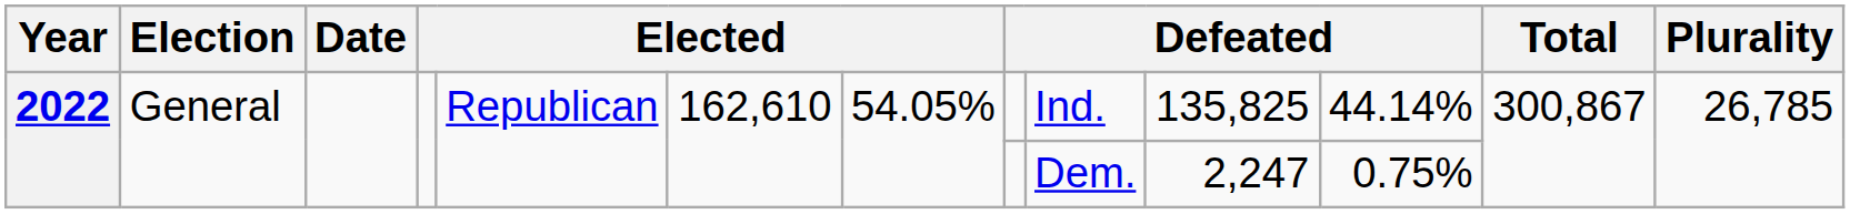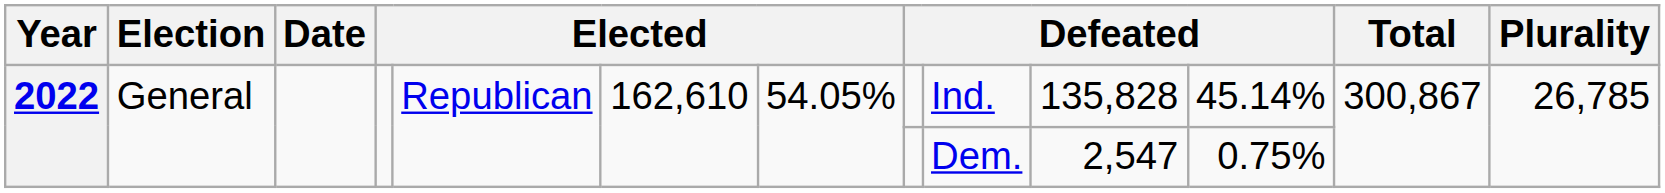 <table class=wikitable>
 <tr>
 <th>Year</th>
 <th>Election</th>
 <th>Date</th>
 <th ! colspan="4">Elected</th>
 <th ! colspan="4">Defeated</th>
 <th>Total</th>
 <th>Plurality</th>
 </tr>
 <tr>
 <th rowspan="2" valign="top"><a href='#'>2022</a></th>
 <td rowspan="2" valign="top">General</td>
 <td rowspan="2" valign="top"></td>
 <td rowspan="2" valign="top"></td>
 <td rowspan="2" valign="top" ><a href='#'>Republican</a></td>
 <td rowspan="2" valign="top" align="right">162,610</td>
 <td rowspan="2" valign="top" align="right">54.05%</td>
 <td valign="top"></td>
 <td valign="top" ><a href='#'>Ind.</a></td>
-<td valign="top" align="right">135,825</td>
-<td valign="top" align="right">44.14%</td>
+<td valign="top" align="right">135,828</td>
+<td valign="top" align="right">45.14%</td>
 <td rowspan="2" valign="top" align="right">300,867</td>
 <td rowspan="2" valign="top" align="right">26,785</td>
 </tr>
 <tr>
 <td valign="top"></td>
 <td valign="top" ><a href='#'>Dem.</a></td>
-<td valign="top" align="right">2,247</td>
+<td valign="top" align="right">2,547</td>
 <td valign="top" align="right">0.75%</td>
 </tr>
 </table>
